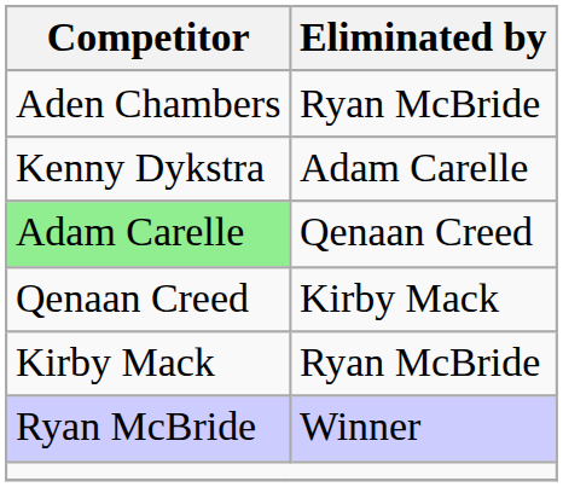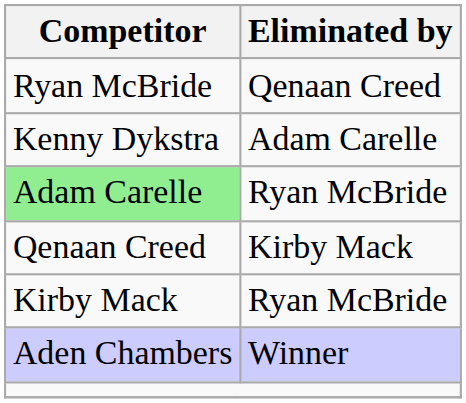 <table class="wikitable">
 <tr>
 <th>Competitor</th>
 <th>Eliminated by</th>
 </tr>
 <tr>
-<td>Aden Chambers</td>
 <td>Ryan McBride</td>
+<td>Qenaan Creed</td>
 </tr>
 <tr>
 <td>Kenny Dykstra</td>
 <td>Adam Carelle</td>
 </tr>
 <tr>
 <td style="background: lightgreen;">Adam Carelle</td>
-<td>Qenaan Creed</td>
+<td>Ryan McBride</td>
 </tr>
 <tr>
 <td>Qenaan Creed</td>
 <td>Kirby Mack</td>
 </tr>
 <tr>
 <td>Kirby Mack</td>
 <td>Ryan McBride</td>
 </tr>
 <tr style="background: #CCCCFF;">
-<td>Ryan McBride</td>
+<td>Aden Chambers</td>
 <td>Winner</td>
 </tr>
 <tr>
 <td colspan="2"></td>
 </tr>
 <tr>
 </tr>
 </table>
